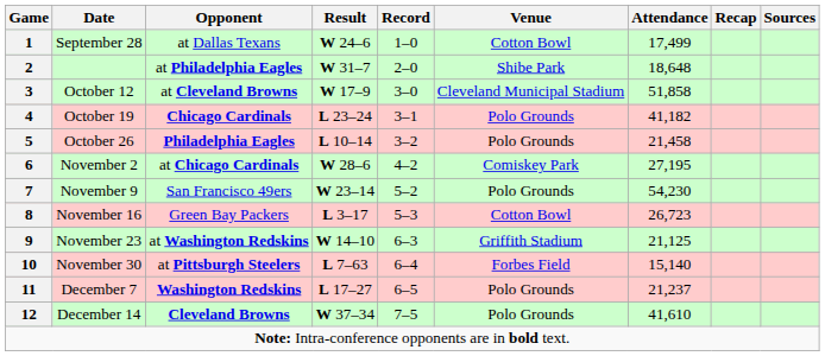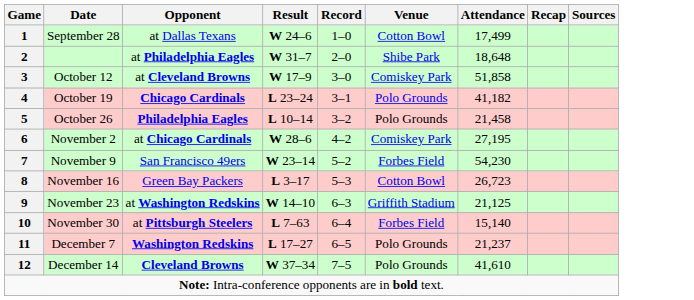 <table class="wikitable" style="text-align:center">
 <tr>
 <th>Game</th>
 <th>Date</th>
 <th>Opponent</th>
 <th>Result</th>
 <th>Record</th>
 <th>Venue</th>
 <th>Attendance</th>
 <th>Recap</th>
 <th>Sources</th>
 </tr>
 <tr style="background:#cfc">
 <th>1</th>
 <td>September 28</td>
 <td>at <a href='#'>Dallas Texans</a></td>
 <td><strong>W</strong> 24–6</td>
 <td>1–0</td>
 <td><a href='#'>Cotton Bowl</a></td>
 <td>17,499</td>
 <td></td>
 <td></td>
 </tr>
 <tr style="background:#cfc">
 <th>2</th>
 <td></td>
 <td>at <strong><a href='#'>Philadelphia Eagles</a></strong></td>
 <td><strong>W</strong> 31–7</td>
 <td>2–0</td>
 <td><a href='#'>Shibe Park</a></td>
 <td>18,648</td>
 <td></td>
 <td></td>
 </tr>
 <tr style="background:#cfc">
 <th>3</th>
 <td>October 12</td>
 <td>at <strong><a href='#'>Cleveland Browns</a></strong></td>
 <td><strong>W</strong> 17–9</td>
 <td>3–0</td>
-<td><a href='#'>Cleveland Municipal Stadium</a></td>
+<td><a href='#'>Comiskey Park</a></td>
 <td>51,858</td>
 <td></td>
 <td></td>
 </tr>
 <tr style="background:#fcc">
 <th>4</th>
 <td>October 19</td>
 <td><strong><a href='#'>Chicago Cardinals</a></strong></td>
 <td><strong>L</strong> 23–24</td>
 <td>3–1</td>
 <td><a href='#'>Polo Grounds</a></td>
 <td>41,182</td>
 <td></td>
 <td></td>
 </tr>
 <tr style="background:#fcc">
 <th>5</th>
 <td>October 26</td>
 <td><strong><a href='#'>Philadelphia Eagles</a></strong></td>
 <td><strong>L</strong> 10–14</td>
 <td>3–2</td>
 <td>Polo Grounds</td>
 <td>21,458</td>
 <td></td>
 <td></td>
 </tr>
 <tr style="background:#cfc">
 <th>6</th>
 <td>November 2</td>
 <td>at <strong><a href='#'>Chicago Cardinals</a></strong></td>
 <td><strong>W</strong> 28–6</td>
 <td>4–2</td>
 <td><a href='#'>Comiskey Park</a></td>
 <td>27,195</td>
 <td></td>
 <td></td>
 </tr>
 <tr style="background:#cfc">
 <th>7</th>
 <td>November 9</td>
 <td><a href='#'>San Francisco 49ers</a></td>
 <td><strong>W</strong> 23–14</td>
 <td>5–2</td>
-<td>Polo Grounds</td>
+<td><a href='#'>Forbes Field</a></td>
 <td>54,230</td>
 <td></td>
 <td></td>
 </tr>
 <tr style="background:#fcc">
 <th>8</th>
 <td>November 16</td>
 <td><a href='#'>Green Bay Packers</a></td>
 <td><strong>L</strong> 3–17</td>
 <td>5–3</td>
 <td><a href='#'>Cotton Bowl</a></td>
 <td>26,723</td>
 <td></td>
 <td></td>
 </tr>
 <tr style="background:#cfc">
 <th>9</th>
 <td>November 23</td>
 <td>at <strong><a href='#'>Washington Redskins</a></strong></td>
 <td><strong>W</strong> 14–10</td>
 <td>6–3</td>
 <td><a href='#'>Griffith Stadium</a></td>
 <td>21,125</td>
 <td></td>
 <td></td>
 </tr>
 <tr style="background:#fcc">
 <th>10</th>
 <td>November 30</td>
 <td>at <strong><a href='#'>Pittsburgh Steelers</a></strong></td>
 <td><strong>L</strong> 7–63</td>
 <td>6–4</td>
 <td><a href='#'>Forbes Field</a></td>
 <td>15,140</td>
 <td></td>
 <td></td>
 </tr>
 <tr style="background:#fcc">
 <th>11</th>
 <td>December 7</td>
 <td><strong><a href='#'>Washington Redskins</a></strong></td>
 <td><strong>L</strong> 17–27</td>
 <td>6–5</td>
 <td>Polo Grounds</td>
 <td>21,237</td>
 <td></td>
 <td></td>
 </tr>
 <tr style="background:#cfc">
 <th>12</th>
 <td>December 14</td>
 <td><strong><a href='#'>Cleveland Browns</a></strong></td>
 <td><strong>W</strong> 37–34</td>
 <td>7–5</td>
 <td>Polo Grounds</td>
 <td>41,610</td>
 <td></td>
 <td></td>
 </tr>
 <tr>
 <td colspan="10"><strong>Note:</strong> Intra-conference opponents are in <strong>bold</strong> text.</td>
 </tr>
 </table>
